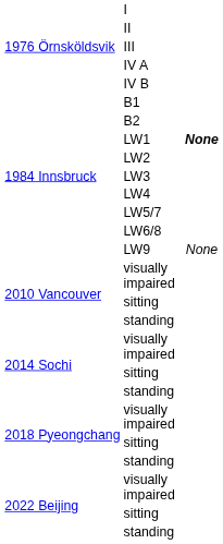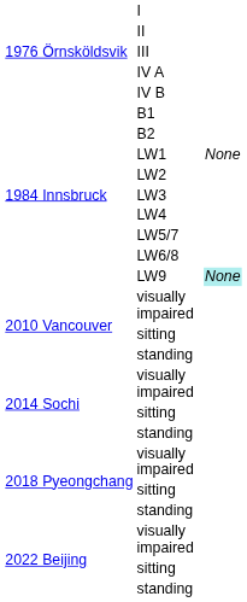 <table>
 <tr>
 <td rowspan="5"><a href='#'>1976 Örnsköldsvik</a><br></td>
 <td>I</td>
 <td></td>
 <td></td>
 <td></td>
 </tr>
 <tr>
 <td>II</td>
 <td></td>
 <td></td>
 <td></td>
 </tr>
 <tr>
 <td>III</td>
 <td></td>
 <td></td>
 <td></td>
 </tr>
 <tr>
 <td>IV A</td>
 <td></td>
 <td></td>
 <td></td>
 </tr>
 <tr>
 <td>IV B</td>
 <td></td>
 <td></td>
 <td></td>
 </tr>
 <tr>
 <td rowspan="9"><a href='#'>1984 Innsbruck</a><br></td>
 <td>B1</td>
 <td></td>
 <td></td>
 <td></td>
 </tr>
 <tr>
 <td>B2</td>
 <td></td>
 <td></td>
 <td></td>
 </tr>
 <tr>
 <td>LW1</td>
 <td></td>
 <td></td>
-<td align="center"><strong><em>None</em></strong></td>
+<td align="center"><em>None</em></td>
 </tr>
 <tr>
 <td>LW2</td>
 <td></td>
 <td></td>
 <td></td>
 </tr>
 <tr>
 <td>LW3</td>
 <td></td>
 <td></td>
 <td></td>
 </tr>
 <tr>
 <td>LW4</td>
 <td></td>
 <td></td>
 <td></td>
 </tr>
 <tr>
 <td>LW5/7</td>
 <td></td>
 <td></td>
 <td></td>
 </tr>
 <tr>
 <td>LW6/8</td>
 <td></td>
 <td></td>
 <td></td>
 </tr>
 <tr>
 <td>LW9</td>
 <td></td>
 <td></td>
-<td align="center"><em>None</em></td>
+<td align="center" style="background: paleturquoise;"><em>None</em></td>
 </tr>
 <tr>
 <td rowspan="3"><a href='#'>2010 Vancouver</a><br></td>
 <td>visually <br>impaired</td>
 <td></td>
 <td></td>
 <td></td>
 </tr>
 <tr>
 <td>sitting</td>
 <td></td>
 <td></td>
 <td></td>
 </tr>
 <tr>
 <td>standing</td>
 <td></td>
 <td></td>
 <td></td>
 </tr>
 <tr>
 <td rowspan="3"><a href='#'>2014 Sochi</a><br></td>
 <td>visually <br>impaired</td>
 <td></td>
 <td></td>
 <td></td>
 </tr>
 <tr>
 <td>sitting</td>
 <td></td>
 <td></td>
 <td></td>
 </tr>
 <tr>
 <td>standing</td>
 <td></td>
 <td></td>
 <td></td>
 </tr>
 <tr>
 <td rowspan="3"><a href='#'>2018 Pyeongchang</a><br></td>
 <td>visually <br>impaired</td>
 <td></td>
 <td></td>
 <td></td>
 </tr>
 <tr>
 <td>sitting</td>
 <td></td>
 <td></td>
 <td></td>
 </tr>
 <tr>
 <td>standing</td>
 <td></td>
 <td></td>
 <td></td>
 </tr>
 <tr>
 <td rowspan="3"><a href='#'>2022 Beijing</a><br></td>
 <td>visually <br>impaired</td>
 <td></td>
 <td></td>
 <td></td>
 </tr>
 <tr>
 <td>sitting</td>
 <td></td>
 <td></td>
 <td></td>
 </tr>
 <tr>
 <td>standing</td>
 <td></td>
 <td></td>
 <td></td>
 </tr>
 </table>
